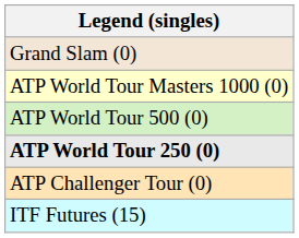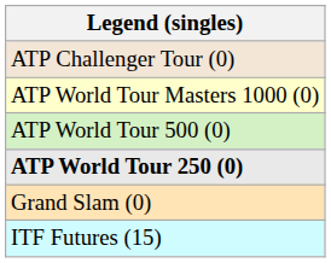 <table class="wikitable">
 <tr>
 <th>Legend (singles)</th>
 </tr>
 <tr style="background:#f3e6d7;">
-<td>Grand Slam (0)</td>
+<td>ATP Challenger Tour (0)</td>
 </tr>
 <tr style="background:#ffc;">
 <td>ATP World Tour Masters 1000 (0)</td>
 </tr>
 <tr style="background:#d4f1c5;">
 <td>ATP World Tour 500 (0)</td>
 </tr>
 <tr style="background:#e9e9e9;">
 <td><strong>ATP World Tour 250 (0)</strong></td>
 </tr>
 <tr bgcolor="moccasin">
-<td>ATP Challenger Tour (0)</td>
+<td>Grand Slam (0)</td>
 </tr>
 <tr bgcolor="CFFCFF">
 <td>ITF Futures (15)</td>
 </tr>
 </table>
